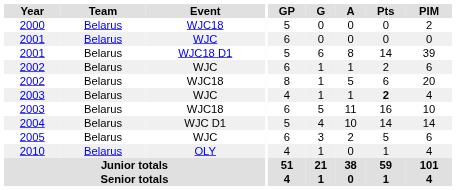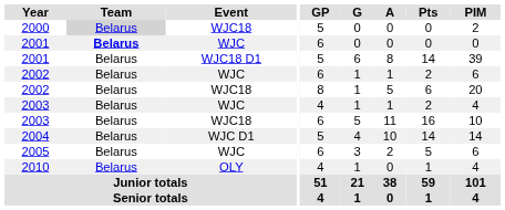 <table border="0" cellpadding="1" cellspacing="0" ID="Table3" style="text-align:center; width:40em">
 <tr bgcolor="#e0e0e0">
 <th>Year</th>
 <th>Team</th>
 <th>Event</th>
 <th rowspan="102" bgcolor="#ffffff"></th>
 <th>GP</th>
 <th>G</th>
 <th>A</th>
 <th>Pts</th>
 <th>PIM</th>
 </tr>
 <tr>
 <td><a href='#'>2000</a></td>
-<td><a href='#'>Belarus</a></td>
+<td style="background: lightgrey;"><a href='#'>Belarus</a></td>
 <td><a href='#'>WJC18</a></td>
 <td>5</td>
 <td>0</td>
 <td>0</td>
 <td>0</td>
 <td>2</td>
 </tr>
 <tr bgcolor="#f0f0f0">
 <td><a href='#'>2001</a></td>
-<td><a href='#'>Belarus</a></td>
+<td><strong><a href='#'>Belarus</a></strong></td>
 <td><a href='#'>WJC</a></td>
 <td>6</td>
 <td>0</td>
 <td>0</td>
 <td>0</td>
 <td>0</td>
 </tr>
 <tr>
 <td><a href='#'>2001</a></td>
 <td>Belarus</td>
 <td><a href='#'>WJC18 D1</a></td>
 <td>5</td>
 <td>6</td>
 <td>8</td>
 <td>14</td>
 <td>39</td>
 </tr>
 <tr bgcolor="#f0f0f0">
 <td><a href='#'>2002</a></td>
 <td>Belarus</td>
 <td>WJC</td>
 <td>6</td>
 <td>1</td>
 <td>1</td>
 <td>2</td>
 <td>6</td>
 </tr>
 <tr>
 <td><a href='#'>2002</a></td>
 <td>Belarus</td>
 <td>WJC18</td>
 <td>8</td>
 <td>1</td>
 <td>5</td>
 <td>6</td>
 <td>20</td>
 </tr>
 <tr bgcolor="#f0f0f0">
 <td><a href='#'>2003</a></td>
 <td>Belarus</td>
 <td>WJC</td>
 <td>4</td>
 <td>1</td>
 <td>1</td>
-<td><strong>2</strong></td>
+<td>2</td>
 <td>4</td>
 </tr>
 <tr>
 <td><a href='#'>2003</a></td>
 <td>Belarus</td>
 <td>WJC18</td>
 <td>6</td>
 <td>5</td>
 <td>11</td>
 <td>16</td>
 <td>10</td>
 </tr>
 <tr bgcolor="#f0f0f0">
 <td><a href='#'>2004</a></td>
 <td>Belarus</td>
 <td>WJC D1</td>
 <td>5</td>
 <td>4</td>
 <td>10</td>
 <td>14</td>
 <td>14</td>
 </tr>
 <tr>
 <td><a href='#'>2005</a></td>
 <td>Belarus</td>
 <td>WJC</td>
 <td>6</td>
 <td>3</td>
 <td>2</td>
 <td>5</td>
 <td>6</td>
 </tr>
 <tr bgcolor="#f0f0f0">
 <td><a href='#'>2010</a></td>
 <td><a href='#'>Belarus</a></td>
 <td><a href='#'>OLY</a></td>
 <td>4</td>
 <td>1</td>
 <td>0</td>
 <td>1</td>
 <td>4</td>
 </tr>
 <tr bgcolor="#e0e0e0">
 <th colspan="3">Junior totals</th>
 <th>51</th>
 <th>21</th>
 <th>38</th>
 <th>59</th>
 <th>101</th>
 </tr>
 <tr bgcolor="#e0e0e0">
 <th colspan="3">Senior totals</th>
 <th>4</th>
 <th>1</th>
 <th>0</th>
 <th>1</th>
 <th>4</th>
 </tr>
 </table>
